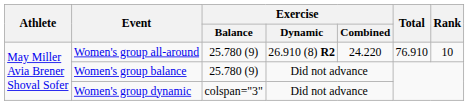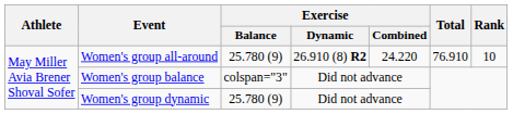 <table class="wikitable" style="font-size:90%">
 <tr>
 <th rowspan=2>Athlete</th>
 <th rowspan=2>Event</th>
 <th colspan=3>Exercise</th>
 <th rowspan=2>Total</th>
 <th rowspan=2>Rank</th>
 </tr>
 <tr style="font-size:95%">
 <th>Balance</th>
 <th>Dynamic</th>
 <th>Combined</th>
 </tr>
 <tr align=center>
 <td rowspan="3" align=left><a href='#'>May Miller</a><br><a href='#'>Avia Brener</a><br><a href='#'>Shoval Sofer</a></td>
 <td align=left><a href='#'>Women's group all-around</a></td>
 <td>25.780 (9)</td>
 <td>26.910 (8) <strong>R2</strong></td>
 <td>24.220</td>
 <td>76.910</td>
 <td>10</td>
 </tr>
 <tr align=center>
 <td align=left><a href='#'>Women's group balance</a></td>
-<td>25.780 (9)</td>
+<td>colspan="3" </td>
 <td colspan="2">Did not advance</td>
 </tr>
 <tr align=center>
 <td align=left><a href='#'>Women's group dynamic</a></td>
-<td>colspan="3" </td>
+<td>25.780 (9)</td>
 <td colspan="2">Did not advance</td>
 </tr>
 </table>
